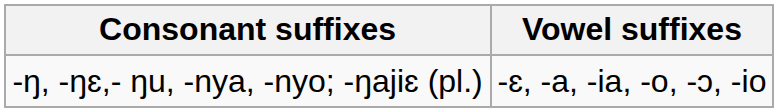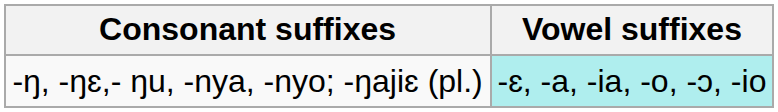 <table class="wikitable">
 <tr>
 <th>Consonant suffixes</th>
 <th>Vowel suffixes</th>
 </tr>
 <tr>
 <td>-ŋ, -ŋɛ,- ŋu, -nya, -nyo; -ŋajiɛ (pl.)</td>
-<td>-ɛ, -a, -ia, -o, -ɔ, -io</td>
+<td style="background: paleturquoise;">-ɛ, -a, -ia, -o, -ɔ, -io</td>
 </tr>
 </table>
